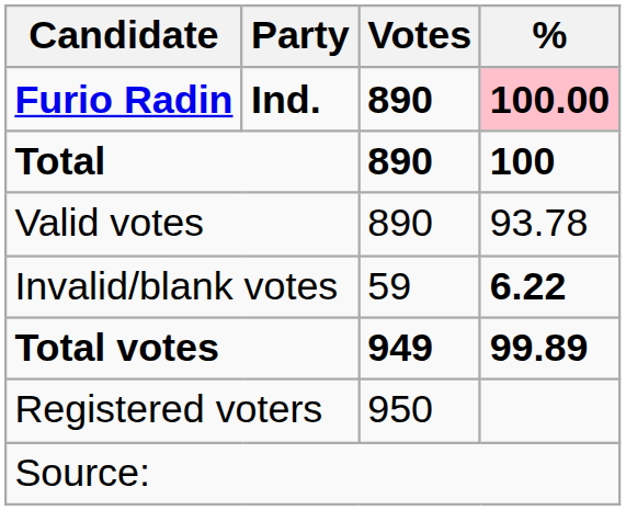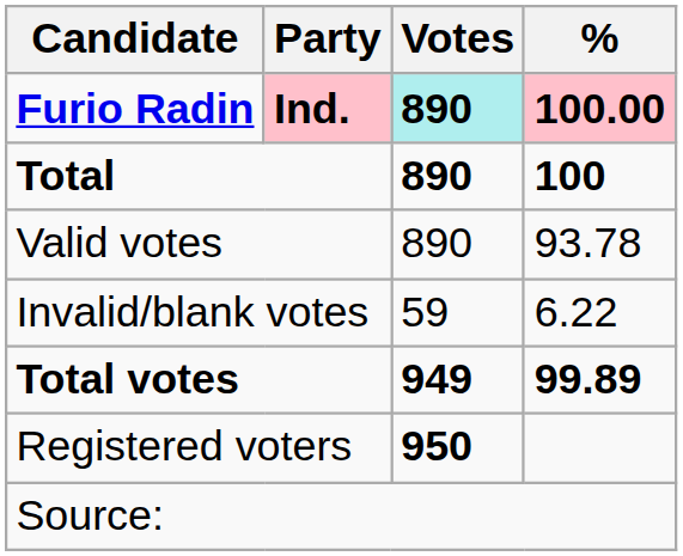 <table class="wikitable" style="text-align: left;">
 <tr>
 <th>Candidate</th>
 <th>Party</th>
 <th>Votes</th>
 <th>%</th>
 </tr>
 <tr>
 <td><strong><a href='#'>Furio Radin</a></strong></td>
-<td><strong>Ind.</strong></td>
-<td><strong>890</strong></td>
+<td style="background: pink;"><strong>Ind.</strong></td>
+<td style="background: paleturquoise;"><strong>890</strong></td>
 <td style="background: pink;"><strong>100.00</strong></td>
 </tr>
 <tr>
 <td colspan="2"><strong>Total</strong></td>
 <td><strong>890</strong></td>
 <td><strong>100</strong></td>
 </tr>
 <tr>
 <td colspan="2">Valid votes</td>
 <td>890</td>
 <td>93.78</td>
 </tr>
 <tr>
 <td colspan="2">Invalid/blank votes</td>
 <td>59</td>
-<td><strong>6.22</strong></td>
+<td>6.22</td>
 </tr>
 <tr>
 <td colspan="2"><strong>Total votes</strong></td>
 <td><strong>949</strong></td>
 <td><strong>99.89</strong></td>
 </tr>
 <tr>
 <td colspan="2">Registered voters</td>
-<td>950</td>
+<td><strong>950</strong></td>
 <td></td>
 </tr>
 <tr>
 <td colspan="4">Source: </td>
 </tr>
 </table>
